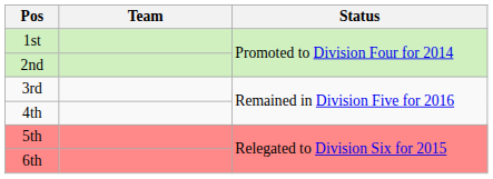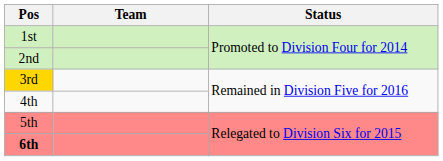 <table class="wikitable">
 <tr>
 <th width=50>Pos</th>
 <th width=175>Team</th>
 <th width=263>Status</th>
 </tr>
 <tr style="background:#D0F0C0">
 <td align="center">1st</td>
 <td></td>
 <td rowspan=2>Promoted to <a href='#'>Division Four for 2014</a></td>
 </tr>
 <tr style="background:#D0F0C0">
 <td align="center">2nd</td>
 <td></td>
 </tr>
 <tr>
-<td align="center">3rd</td>
+<td align="center" style="background: gold;">3rd</td>
 <td></td>
 <td rowspan=2>Remained in <a href='#'>Division Five for 2016</a></td>
 </tr>
 <tr>
 <td align="center">4th</td>
 <td></td>
 </tr>
 <tr style="background:#FF8888;">
 <td align="center">5th</td>
 <td></td>
 <td rowspan=2>Relegated to <a href='#'>Division Six for 2015</a></td>
 </tr>
 <tr style="background:#FF8888;">
-<td align="center">6th</td>
+<td align="center"><strong>6th</strong></td>
 <td></td>
 </tr>
 </table>
